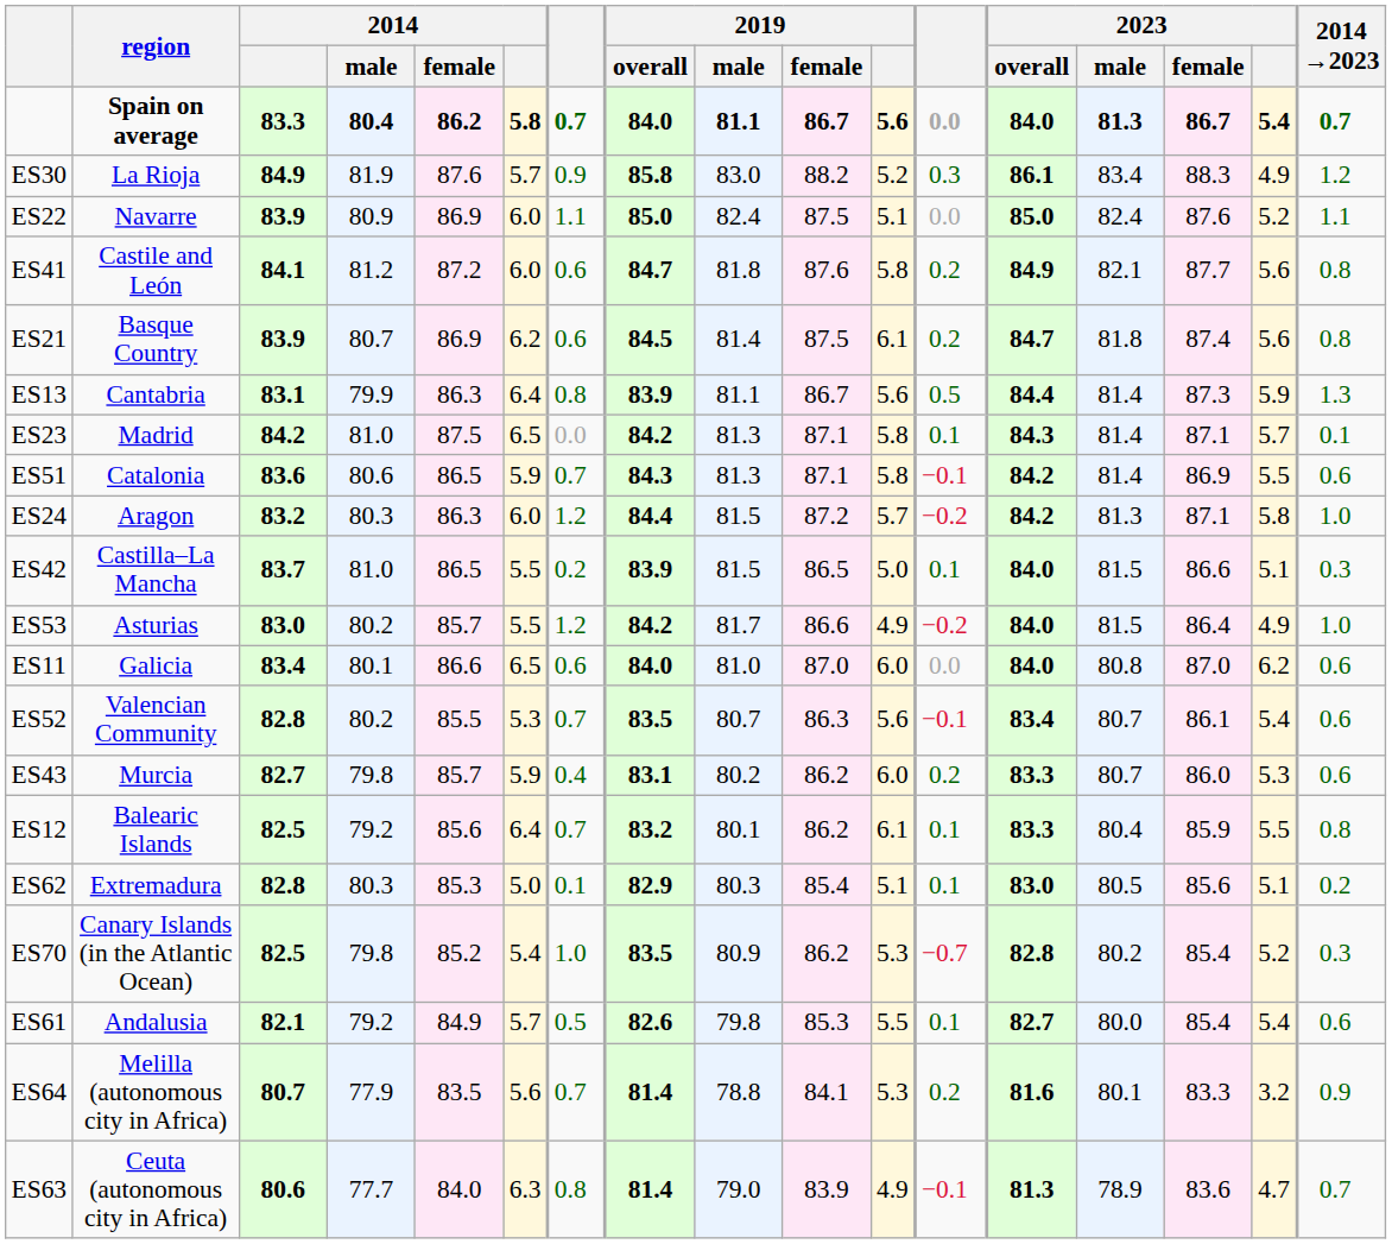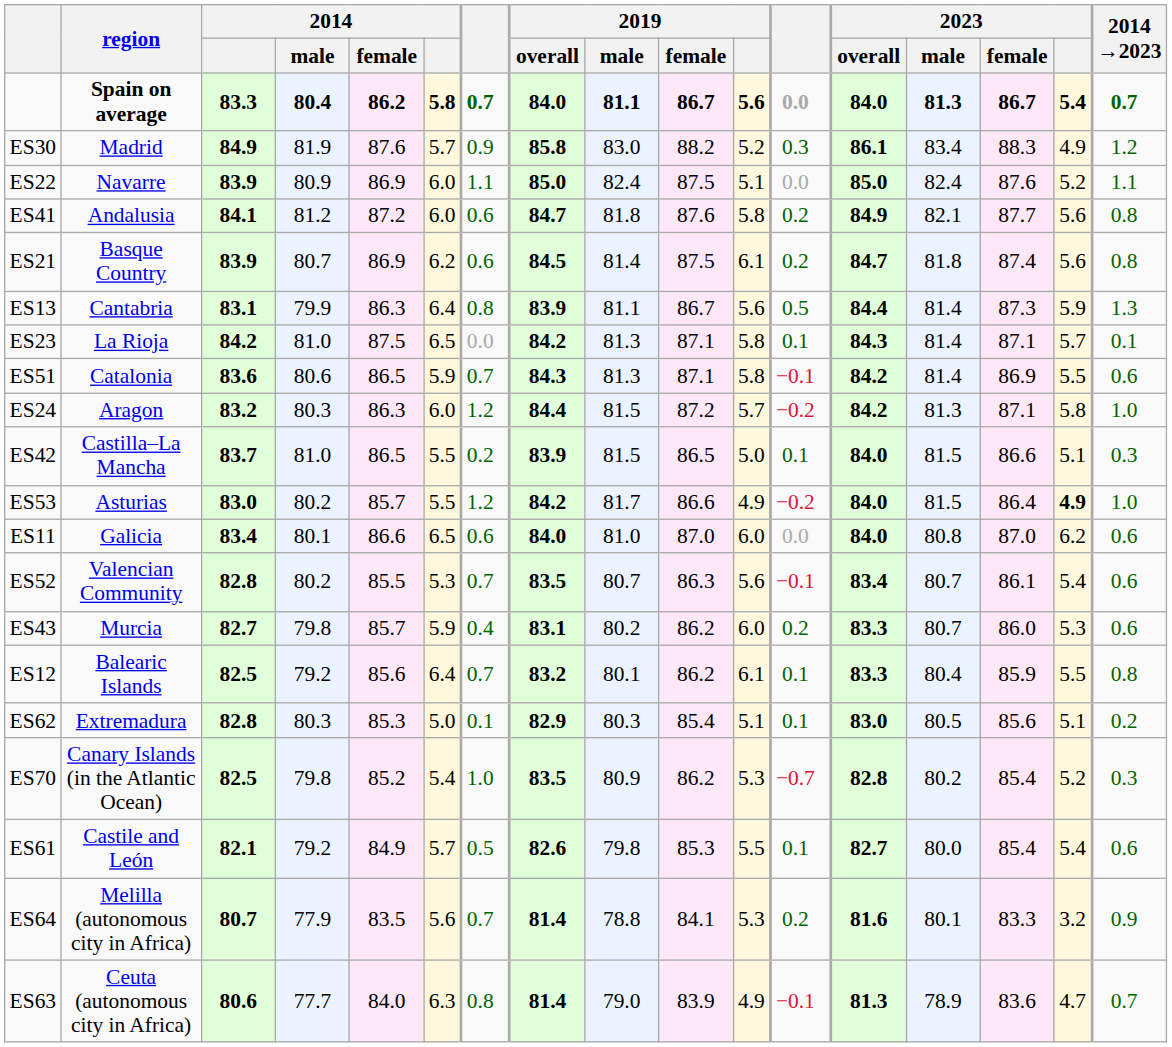 <table class="wikitable sortable mw-datatable static-row-numbers sort-under col1left col2left col7right col12right col17right" style="text-align:center;">
 <tr>
 <th rowspan=2 style="vertical-align:middle;"></th>
 <th rowspan=2 style="vertical-align:middle;"><a href='#'>region</a></th>
 <th colspan=4>2014</th>
 <th rowspan=2 style="vertical-align:middle;border-left-width:2px;"></th>
 <th colspan=4 style="border-left-width:2px;">2019</th>
 <th rowspan=2 style="vertical-align:middle;border-left-width:2px;"></th>
 <th colspan=4 style="border-left-width:2px;">2023</th>
 <th rowspan=2 style="vertical-align:middle;border-left-width:2px;">2014<br>→2023</th>
 </tr>
 <tr>
 <th style="vertical-align:middle;min-width:3em;"></th>
 <th style="vertical-align:middle;min-width:3em;">male</th>
 <th style="vertical-align:middle;min-width:3em;">female</th>
 <th></th>
 <th style="vertical-align:middle;min-width:3em;border-left-width:2px;">overall</th>
 <th style="vertical-align:middle;min-width:3em;">male</th>
 <th style="vertical-align:middle;min-width:3em;">female</th>
 <th></th>
 <th style="vertical-align:middle;min-width:3em;border-left-width:2px;">overall</th>
 <th style="vertical-align:middle;min-width:3em;">male</th>
 <th style="vertical-align:middle;min-width:3em;">female</th>
 <th></th>
 </tr>
 <tr class=static-row-header>
 <td></td>
 <td><strong>Spain on average</strong></td>
 <td style="background:#e0ffd8;"><strong>83.3</strong></td>
 <td style="background:#eaf3ff;"><strong>80.4</strong></td>
 <td style="background:#fee7f6;"><strong>86.2</strong></td>
 <td style="background:#fff8dc;"><strong>5.8</strong></td>
 <td style="padding-right:1.5ex;color:darkgreen;border-left-width:2px;"><strong>0.7</strong></td>
 <td style="background:#e0ffd8;border-left-width:2px;"><strong>84.0</strong></td>
 <td style="background:#eaf3ff;"><strong>81.1</strong></td>
 <td style="background:#fee7f6;"><strong>86.7</strong></td>
 <td style="background:#fff8dc;"><strong>5.6</strong></td>
 <td style="padding-right:1.5ex;color:darkgray;border-left-width:2px;"><strong>0.0</strong></td>
 <td style="background:#e0ffd8;border-left-width:2px;"><strong>84.0</strong></td>
 <td style="background:#eaf3ff;"><strong>81.3</strong></td>
 <td style="background:#fee7f6;"><strong>86.7</strong></td>
 <td style="background:#fff8dc;"><strong>5.4</strong></td>
 <td style="padding-right:1.5ex;color:darkgreen;border-left-width:2px;"><strong>0.7</strong></td>
 </tr>
 <tr>
 <td>ES30</td>
-<td><a href='#'>La Rioja</a></td>
+<td><a href='#'>Madrid</a></td>
 <td style="background:#e0ffd8;"><strong>84.9</strong></td>
 <td style="background:#eaf3ff;">81.9</td>
 <td style="background:#fee7f6;">87.6</td>
 <td style="background:#fff8dc;">5.7</td>
 <td style="padding-right:1.5ex;color:darkgreen;border-left-width:2px;">0.9</td>
 <td style="background:#e0ffd8;border-left-width:2px;"><strong>85.8</strong></td>
 <td style="background:#eaf3ff;">83.0</td>
 <td style="background:#fee7f6;">88.2</td>
 <td style="background:#fff8dc;">5.2</td>
 <td style="padding-right:1.5ex;color:darkgreen;border-left-width:2px;">0.3</td>
 <td style="background:#e0ffd8;border-left-width:2px;"><strong>86.1</strong></td>
 <td style="background:#eaf3ff;">83.4</td>
 <td style="background:#fee7f6;">88.3</td>
 <td style="background:#fff8dc;">4.9</td>
 <td style="padding-right:1.5ex;color:darkgreen;border-left-width:2px;">1.2</td>
 </tr>
 <tr>
 <td>ES22</td>
 <td><a href='#'>Navarre</a></td>
 <td style="background:#e0ffd8;"><strong>83.9</strong></td>
 <td style="background:#eaf3ff;">80.9</td>
 <td style="background:#fee7f6;">86.9</td>
 <td style="background:#fff8dc;">6.0</td>
 <td style="padding-right:1.5ex;color:darkgreen;border-left-width:2px;">1.1</td>
 <td style="background:#e0ffd8;border-left-width:2px;"><strong>85.0</strong></td>
 <td style="background:#eaf3ff;">82.4</td>
 <td style="background:#fee7f6;">87.5</td>
 <td style="background:#fff8dc;">5.1</td>
 <td style="padding-right:1.5ex;color:darkgray;border-left-width:2px;">0.0</td>
 <td style="background:#e0ffd8;border-left-width:2px;"><strong>85.0</strong></td>
 <td style="background:#eaf3ff;">82.4</td>
 <td style="background:#fee7f6;">87.6</td>
 <td style="background:#fff8dc;">5.2</td>
 <td style="padding-right:1.5ex;color:darkgreen;border-left-width:2px;">1.1</td>
 </tr>
 <tr>
 <td>ES41</td>
-<td><a href='#'>Castile and León</a></td>
+<td><a href='#'>Andalusia</a></td>
 <td style="background:#e0ffd8;"><strong>84.1</strong></td>
 <td style="background:#eaf3ff;">81.2</td>
 <td style="background:#fee7f6;">87.2</td>
 <td style="background:#fff8dc;">6.0</td>
 <td style="padding-right:1.5ex;color:darkgreen;border-left-width:2px;">0.6</td>
 <td style="background:#e0ffd8;border-left-width:2px;"><strong>84.7</strong></td>
 <td style="background:#eaf3ff;">81.8</td>
 <td style="background:#fee7f6;">87.6</td>
 <td style="background:#fff8dc;">5.8</td>
 <td style="padding-right:1.5ex;color:darkgreen;border-left-width:2px;">0.2</td>
 <td style="background:#e0ffd8;border-left-width:2px;"><strong>84.9</strong></td>
 <td style="background:#eaf3ff;">82.1</td>
 <td style="background:#fee7f6;">87.7</td>
 <td style="background:#fff8dc;">5.6</td>
 <td style="padding-right:1.5ex;color:darkgreen;border-left-width:2px;">0.8</td>
 </tr>
 <tr>
 <td>ES21</td>
 <td><a href='#'>Basque Country</a></td>
 <td style="background:#e0ffd8;"><strong>83.9</strong></td>
 <td style="background:#eaf3ff;">80.7</td>
 <td style="background:#fee7f6;">86.9</td>
 <td style="background:#fff8dc;">6.2</td>
 <td style="padding-right:1.5ex;color:darkgreen;border-left-width:2px;">0.6</td>
 <td style="background:#e0ffd8;border-left-width:2px;"><strong>84.5</strong></td>
 <td style="background:#eaf3ff;">81.4</td>
 <td style="background:#fee7f6;">87.5</td>
 <td style="background:#fff8dc;">6.1</td>
 <td style="padding-right:1.5ex;color:darkgreen;border-left-width:2px;">0.2</td>
 <td style="background:#e0ffd8;border-left-width:2px;"><strong>84.7</strong></td>
 <td style="background:#eaf3ff;">81.8</td>
 <td style="background:#fee7f6;">87.4</td>
 <td style="background:#fff8dc;">5.6</td>
 <td style="padding-right:1.5ex;color:darkgreen;border-left-width:2px;">0.8</td>
 </tr>
 <tr>
 <td>ES13</td>
 <td><a href='#'>Cantabria</a></td>
 <td style="background:#e0ffd8;"><strong>83.1</strong></td>
 <td style="background:#eaf3ff;">79.9</td>
 <td style="background:#fee7f6;">86.3</td>
 <td style="background:#fff8dc;">6.4</td>
 <td style="padding-right:1.5ex;color:darkgreen;border-left-width:2px;">0.8</td>
 <td style="background:#e0ffd8;border-left-width:2px;"><strong>83.9</strong></td>
 <td style="background:#eaf3ff;">81.1</td>
 <td style="background:#fee7f6;">86.7</td>
 <td style="background:#fff8dc;">5.6</td>
 <td style="padding-right:1.5ex;color:darkgreen;border-left-width:2px;">0.5</td>
 <td style="background:#e0ffd8;border-left-width:2px;"><strong>84.4</strong></td>
 <td style="background:#eaf3ff;">81.4</td>
 <td style="background:#fee7f6;">87.3</td>
 <td style="background:#fff8dc;">5.9</td>
 <td style="padding-right:1.5ex;color:darkgreen;border-left-width:2px;">1.3</td>
 </tr>
 <tr>
 <td>ES23</td>
-<td><a href='#'>Madrid</a></td>
+<td><a href='#'>La Rioja</a></td>
 <td style="background:#e0ffd8;"><strong>84.2</strong></td>
 <td style="background:#eaf3ff;">81.0</td>
 <td style="background:#fee7f6;">87.5</td>
 <td style="background:#fff8dc;">6.5</td>
 <td style="padding-right:1.5ex;color:darkgray;border-left-width:2px;">0.0</td>
 <td style="background:#e0ffd8;border-left-width:2px;"><strong>84.2</strong></td>
 <td style="background:#eaf3ff;">81.3</td>
 <td style="background:#fee7f6;">87.1</td>
 <td style="background:#fff8dc;">5.8</td>
 <td style="padding-right:1.5ex;color:darkgreen;border-left-width:2px;">0.1</td>
 <td style="background:#e0ffd8;border-left-width:2px;"><strong>84.3</strong></td>
 <td style="background:#eaf3ff;">81.4</td>
 <td style="background:#fee7f6;">87.1</td>
 <td style="background:#fff8dc;">5.7</td>
 <td style="padding-right:1.5ex;color:darkgreen;border-left-width:2px;">0.1</td>
 </tr>
 <tr>
 <td>ES51</td>
 <td><a href='#'>Catalonia</a></td>
 <td style="background:#e0ffd8;"><strong>83.6</strong></td>
 <td style="background:#eaf3ff;">80.6</td>
 <td style="background:#fee7f6;">86.5</td>
 <td style="background:#fff8dc;">5.9</td>
 <td style="padding-right:1.5ex;color:darkgreen;border-left-width:2px;">0.7</td>
 <td style="background:#e0ffd8;border-left-width:2px;"><strong>84.3</strong></td>
 <td style="background:#eaf3ff;">81.3</td>
 <td style="background:#fee7f6;">87.1</td>
 <td style="background:#fff8dc;">5.8</td>
 <td style="padding-right:1.5ex;color:crimson;border-left-width:2px;">−0.1</td>
 <td style="background:#e0ffd8;border-left-width:2px;"><strong>84.2</strong></td>
 <td style="background:#eaf3ff;">81.4</td>
 <td style="background:#fee7f6;">86.9</td>
 <td style="background:#fff8dc;">5.5</td>
 <td style="padding-right:1.5ex;color:darkgreen;border-left-width:2px;">0.6</td>
 </tr>
 <tr>
 <td>ES24</td>
 <td><a href='#'>Aragon</a></td>
 <td style="background:#e0ffd8;"><strong>83.2</strong></td>
 <td style="background:#eaf3ff;">80.3</td>
 <td style="background:#fee7f6;">86.3</td>
 <td style="background:#fff8dc;">6.0</td>
 <td style="padding-right:1.5ex;color:darkgreen;border-left-width:2px;">1.2</td>
 <td style="background:#e0ffd8;border-left-width:2px;"><strong>84.4</strong></td>
 <td style="background:#eaf3ff;">81.5</td>
 <td style="background:#fee7f6;">87.2</td>
 <td style="background:#fff8dc;">5.7</td>
 <td style="padding-right:1.5ex;color:crimson;border-left-width:2px;">−0.2</td>
 <td style="background:#e0ffd8;border-left-width:2px;"><strong>84.2</strong></td>
 <td style="background:#eaf3ff;">81.3</td>
 <td style="background:#fee7f6;">87.1</td>
 <td style="background:#fff8dc;">5.8</td>
 <td style="padding-right:1.5ex;color:darkgreen;border-left-width:2px;">1.0</td>
 </tr>
 <tr>
 <td>ES42</td>
 <td><a href='#'>Castilla–La Mancha</a></td>
 <td style="background:#e0ffd8;"><strong>83.7</strong></td>
 <td style="background:#eaf3ff;">81.0</td>
 <td style="background:#fee7f6;">86.5</td>
 <td style="background:#fff8dc;">5.5</td>
 <td style="padding-right:1.5ex;color:darkgreen;border-left-width:2px;">0.2</td>
 <td style="background:#e0ffd8;border-left-width:2px;"><strong>83.9</strong></td>
 <td style="background:#eaf3ff;">81.5</td>
 <td style="background:#fee7f6;">86.5</td>
 <td style="background:#fff8dc;">5.0</td>
 <td style="padding-right:1.5ex;color:darkgreen;border-left-width:2px;">0.1</td>
 <td style="background:#e0ffd8;border-left-width:2px;"><strong>84.0</strong></td>
 <td style="background:#eaf3ff;">81.5</td>
 <td style="background:#fee7f6;">86.6</td>
 <td style="background:#fff8dc;">5.1</td>
 <td style="padding-right:1.5ex;color:darkgreen;border-left-width:2px;">0.3</td>
 </tr>
 <tr>
 <td>ES53</td>
 <td><a href='#'>Asturias</a></td>
 <td style="background:#e0ffd8;"><strong>83.0</strong></td>
 <td style="background:#eaf3ff;">80.2</td>
 <td style="background:#fee7f6;">85.7</td>
 <td style="background:#fff8dc;">5.5</td>
 <td style="padding-right:1.5ex;color:darkgreen;border-left-width:2px;">1.2</td>
 <td style="background:#e0ffd8;border-left-width:2px;"><strong>84.2</strong></td>
 <td style="background:#eaf3ff;">81.7</td>
 <td style="background:#fee7f6;">86.6</td>
 <td style="background:#fff8dc;">4.9</td>
 <td style="padding-right:1.5ex;color:crimson;border-left-width:2px;">−0.2</td>
 <td style="background:#e0ffd8;border-left-width:2px;"><strong>84.0</strong></td>
 <td style="background:#eaf3ff;">81.5</td>
 <td style="background:#fee7f6;">86.4</td>
-<td style="background:#fff8dc;">4.9</td>
+<td style="background:#fff8dc;"><strong>4.9</strong></td>
 <td style="padding-right:1.5ex;color:darkgreen;border-left-width:2px;">1.0</td>
 </tr>
 <tr>
 <td>ES11</td>
 <td><a href='#'>Galicia</a></td>
 <td style="background:#e0ffd8;"><strong>83.4</strong></td>
 <td style="background:#eaf3ff;">80.1</td>
 <td style="background:#fee7f6;">86.6</td>
 <td style="background:#fff8dc;">6.5</td>
 <td style="padding-right:1.5ex;color:darkgreen;border-left-width:2px;">0.6</td>
 <td style="background:#e0ffd8;border-left-width:2px;"><strong>84.0</strong></td>
 <td style="background:#eaf3ff;">81.0</td>
 <td style="background:#fee7f6;">87.0</td>
 <td style="background:#fff8dc;">6.0</td>
 <td style="padding-right:1.5ex;color:darkgray;border-left-width:2px;">0.0</td>
 <td style="background:#e0ffd8;border-left-width:2px;"><strong>84.0</strong></td>
 <td style="background:#eaf3ff;">80.8</td>
 <td style="background:#fee7f6;">87.0</td>
 <td style="background:#fff8dc;">6.2</td>
 <td style="padding-right:1.5ex;color:darkgreen;border-left-width:2px;">0.6</td>
 </tr>
 <tr>
 <td>ES52</td>
 <td><a href='#'>Valencian Community</a></td>
 <td style="background:#e0ffd8;"><strong>82.8</strong></td>
 <td style="background:#eaf3ff;">80.2</td>
 <td style="background:#fee7f6;">85.5</td>
 <td style="background:#fff8dc;">5.3</td>
 <td style="padding-right:1.5ex;color:darkgreen;border-left-width:2px;">0.7</td>
 <td style="background:#e0ffd8;border-left-width:2px;"><strong>83.5</strong></td>
 <td style="background:#eaf3ff;">80.7</td>
 <td style="background:#fee7f6;">86.3</td>
 <td style="background:#fff8dc;">5.6</td>
 <td style="padding-right:1.5ex;color:crimson;border-left-width:2px;">−0.1</td>
 <td style="background:#e0ffd8;border-left-width:2px;"><strong>83.4</strong></td>
 <td style="background:#eaf3ff;">80.7</td>
 <td style="background:#fee7f6;">86.1</td>
 <td style="background:#fff8dc;">5.4</td>
 <td style="padding-right:1.5ex;color:darkgreen;border-left-width:2px;">0.6</td>
 </tr>
 <tr>
 <td>ES43</td>
 <td><a href='#'>Murcia</a></td>
 <td style="background:#e0ffd8;"><strong>82.7</strong></td>
 <td style="background:#eaf3ff;">79.8</td>
 <td style="background:#fee7f6;">85.7</td>
 <td style="background:#fff8dc;">5.9</td>
 <td style="padding-right:1.5ex;color:darkgreen;border-left-width:2px;">0.4</td>
 <td style="background:#e0ffd8;border-left-width:2px;"><strong>83.1</strong></td>
 <td style="background:#eaf3ff;">80.2</td>
 <td style="background:#fee7f6;">86.2</td>
 <td style="background:#fff8dc;">6.0</td>
 <td style="padding-right:1.5ex;color:darkgreen;border-left-width:2px;">0.2</td>
 <td style="background:#e0ffd8;border-left-width:2px;"><strong>83.3</strong></td>
 <td style="background:#eaf3ff;">80.7</td>
 <td style="background:#fee7f6;">86.0</td>
 <td style="background:#fff8dc;">5.3</td>
 <td style="padding-right:1.5ex;color:darkgreen;border-left-width:2px;">0.6</td>
 </tr>
 <tr>
 <td>ES12</td>
 <td><a href='#'>Balearic Islands</a></td>
 <td style="background:#e0ffd8;"><strong>82.5</strong></td>
 <td style="background:#eaf3ff;">79.2</td>
 <td style="background:#fee7f6;">85.6</td>
 <td style="background:#fff8dc;">6.4</td>
 <td style="padding-right:1.5ex;color:darkgreen;border-left-width:2px;">0.7</td>
 <td style="background:#e0ffd8;border-left-width:2px;"><strong>83.2</strong></td>
 <td style="background:#eaf3ff;">80.1</td>
 <td style="background:#fee7f6;">86.2</td>
 <td style="background:#fff8dc;">6.1</td>
 <td style="padding-right:1.5ex;color:darkgreen;border-left-width:2px;">0.1</td>
 <td style="background:#e0ffd8;border-left-width:2px;"><strong>83.3</strong></td>
 <td style="background:#eaf3ff;">80.4</td>
 <td style="background:#fee7f6;">85.9</td>
 <td style="background:#fff8dc;">5.5</td>
 <td style="padding-right:1.5ex;color:darkgreen;border-left-width:2px;">0.8</td>
 </tr>
 <tr>
 <td>ES62</td>
 <td><a href='#'>Extremadura</a></td>
 <td style="background:#e0ffd8;"><strong>82.8</strong></td>
 <td style="background:#eaf3ff;">80.3</td>
 <td style="background:#fee7f6;">85.3</td>
 <td style="background:#fff8dc;">5.0</td>
 <td style="padding-right:1.5ex;color:darkgreen;border-left-width:2px;">0.1</td>
 <td style="background:#e0ffd8;border-left-width:2px;"><strong>82.9</strong></td>
 <td style="background:#eaf3ff;">80.3</td>
 <td style="background:#fee7f6;">85.4</td>
 <td style="background:#fff8dc;">5.1</td>
 <td style="padding-right:1.5ex;color:darkgreen;border-left-width:2px;">0.1</td>
 <td style="background:#e0ffd8;border-left-width:2px;"><strong>83.0</strong></td>
 <td style="background:#eaf3ff;">80.5</td>
 <td style="background:#fee7f6;">85.6</td>
 <td style="background:#fff8dc;">5.1</td>
 <td style="padding-right:1.5ex;color:darkgreen;border-left-width:2px;">0.2</td>
 </tr>
 <tr>
 <td>ES70</td>
 <td><a href='#'>Canary Islands</a> (in the Atlantic Ocean)</td>
 <td style="background:#e0ffd8;"><strong>82.5</strong></td>
 <td style="background:#eaf3ff;">79.8</td>
 <td style="background:#fee7f6;">85.2</td>
 <td style="background:#fff8dc;">5.4</td>
 <td style="padding-right:1.5ex;color:darkgreen;border-left-width:2px;">1.0</td>
 <td style="background:#e0ffd8;border-left-width:2px;"><strong>83.5</strong></td>
 <td style="background:#eaf3ff;">80.9</td>
 <td style="background:#fee7f6;">86.2</td>
 <td style="background:#fff8dc;">5.3</td>
 <td style="padding-right:1.5ex;color:crimson;border-left-width:2px;">−0.7</td>
 <td style="background:#e0ffd8;border-left-width:2px;"><strong>82.8</strong></td>
 <td style="background:#eaf3ff;">80.2</td>
 <td style="background:#fee7f6;">85.4</td>
 <td style="background:#fff8dc;">5.2</td>
 <td style="padding-right:1.5ex;color:darkgreen;border-left-width:2px;">0.3</td>
 </tr>
 <tr>
 <td>ES61</td>
-<td><a href='#'>Andalusia</a></td>
+<td><a href='#'>Castile and León</a></td>
 <td style="background:#e0ffd8;"><strong>82.1</strong></td>
 <td style="background:#eaf3ff;">79.2</td>
 <td style="background:#fee7f6;">84.9</td>
 <td style="background:#fff8dc;">5.7</td>
 <td style="padding-right:1.5ex;color:darkgreen;border-left-width:2px;">0.5</td>
 <td style="background:#e0ffd8;border-left-width:2px;"><strong>82.6</strong></td>
 <td style="background:#eaf3ff;">79.8</td>
 <td style="background:#fee7f6;">85.3</td>
 <td style="background:#fff8dc;">5.5</td>
 <td style="padding-right:1.5ex;color:darkgreen;border-left-width:2px;">0.1</td>
 <td style="background:#e0ffd8;border-left-width:2px;"><strong>82.7</strong></td>
 <td style="background:#eaf3ff;">80.0</td>
 <td style="background:#fee7f6;">85.4</td>
 <td style="background:#fff8dc;">5.4</td>
 <td style="padding-right:1.5ex;color:darkgreen;border-left-width:2px;">0.6</td>
 </tr>
 <tr>
 <td>ES64</td>
 <td><a href='#'>Melilla</a> (autonomous city in Africa)</td>
 <td style="background:#e0ffd8;"><strong>80.7</strong></td>
 <td style="background:#eaf3ff;">77.9</td>
 <td style="background:#fee7f6;">83.5</td>
 <td style="background:#fff8dc;">5.6</td>
 <td style="padding-right:1.5ex;color:darkgreen;border-left-width:2px;">0.7</td>
 <td style="background:#e0ffd8;border-left-width:2px;"><strong>81.4</strong></td>
 <td style="background:#eaf3ff;">78.8</td>
 <td style="background:#fee7f6;">84.1</td>
 <td style="background:#fff8dc;">5.3</td>
 <td style="padding-right:1.5ex;color:darkgreen;border-left-width:2px;">0.2</td>
 <td style="background:#e0ffd8;border-left-width:2px;"><strong>81.6</strong></td>
 <td style="background:#eaf3ff;">80.1</td>
 <td style="background:#fee7f6;">83.3</td>
 <td style="background:#fff8dc;">3.2</td>
 <td style="padding-right:1.5ex;color:darkgreen;border-left-width:2px;">0.9</td>
 </tr>
 <tr>
 <td>ES63</td>
 <td><a href='#'>Ceuta</a> (autonomous city in Africa)</td>
 <td style="background:#e0ffd8;"><strong>80.6</strong></td>
 <td style="background:#eaf3ff;">77.7</td>
 <td style="background:#fee7f6;">84.0</td>
 <td style="background:#fff8dc;">6.3</td>
 <td style="padding-right:1.5ex;color:darkgreen;border-left-width:2px;">0.8</td>
 <td style="background:#e0ffd8;border-left-width:2px;"><strong>81.4</strong></td>
 <td style="background:#eaf3ff;">79.0</td>
 <td style="background:#fee7f6;">83.9</td>
 <td style="background:#fff8dc;">4.9</td>
 <td style="padding-right:1.5ex;color:crimson;border-left-width:2px;">−0.1</td>
 <td style="background:#e0ffd8;border-left-width:2px;"><strong>81.3</strong></td>
 <td style="background:#eaf3ff;">78.9</td>
 <td style="background:#fee7f6;">83.6</td>
 <td style="background:#fff8dc;">4.7</td>
 <td style="padding-right:1.5ex;color:darkgreen;border-left-width:2px;">0.7</td>
 </tr>
 </table>
